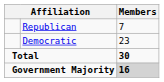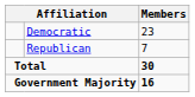 <table class="wikitable">
 <tr>
 <th colspan="2">Affiliation</th>
 <th>Members</th>
 </tr>
 <tr>
 <td style="background-color:"> </td>
-<td><a href='#'>Republican</a></td>
-<td>7</td>
+<td><a href='#'>Democratic</a></td>
+<td>23</td>
 </tr>
 <tr>
 <td style="background-color:"> </td>
-<td><a href='#'>Democratic</a></td>
-<td>23</td>
+<td><a href='#'>Republican</a></td>
+<td>7</td>
 </tr>
 <tr>
 <td colspan="2" rowspan="1"> <strong>Total</strong></td>
 <td><strong>30</strong></td>
 </tr>
 <tr>
 <td colspan="2" rowspan="1"> <strong>Government Majority</strong></td>
-<td style="background: lightgrey;"><strong>16</strong></td>
+<td><strong>16</strong></td>
 </tr>
 </table>
